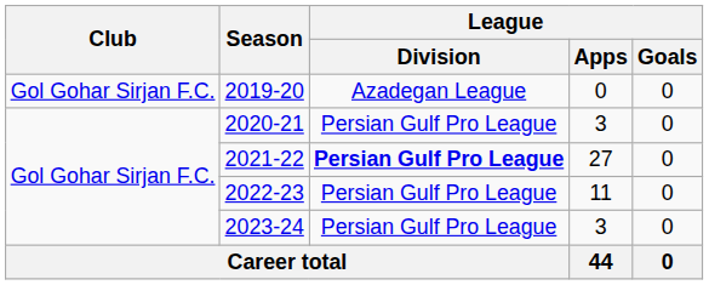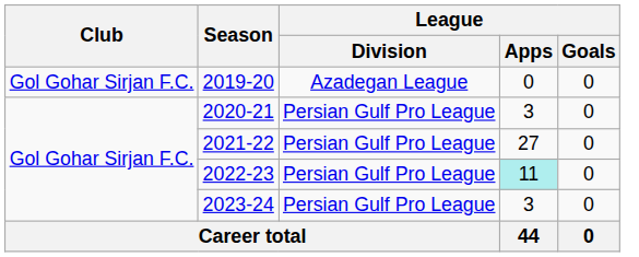 <table class="wikitable" style="text-align: center">
 <tr>
 <th rowspan="2">Club</th>
 <th rowspan="2">Season</th>
 <th colspan="3">League</th>
 </tr>
 <tr>
 <th>Division</th>
 <th>Apps</th>
 <th>Goals</th>
 </tr>
 <tr>
 <td><a href='#'>Gol Gohar Sirjan F.C.</a></td>
 <td><a href='#'>2019-20</a></td>
 <td><a href='#'>Azadegan League</a></td>
 <td>0</td>
 <td>0</td>
 </tr>
 <tr>
 <td rowspan="4"><a href='#'>Gol Gohar Sirjan F.C.</a></td>
 <td><a href='#'>2020-21</a></td>
 <td><a href='#'>Persian Gulf Pro League</a></td>
 <td>3</td>
 <td>0</td>
 </tr>
 <tr>
 <td><a href='#'>2021-22</a></td>
-<td><strong><a href='#'>Persian Gulf Pro League</a></strong></td>
+<td><a href='#'>Persian Gulf Pro League</a></td>
 <td>27</td>
 <td>0</td>
 </tr>
 <tr>
 <td><a href='#'>2022-23</a></td>
 <td><a href='#'>Persian Gulf Pro League</a></td>
-<td>11</td>
+<td style="background: paleturquoise;">11</td>
 <td>0</td>
 </tr>
 <tr>
 <td><a href='#'>2023-24</a></td>
 <td><a href='#'>Persian Gulf Pro League</a></td>
 <td>3</td>
 <td>0</td>
 </tr>
 <tr>
 <th colspan="3">Career total</th>
 <th>44</th>
 <th>0</th>
 </tr>
 </table>
